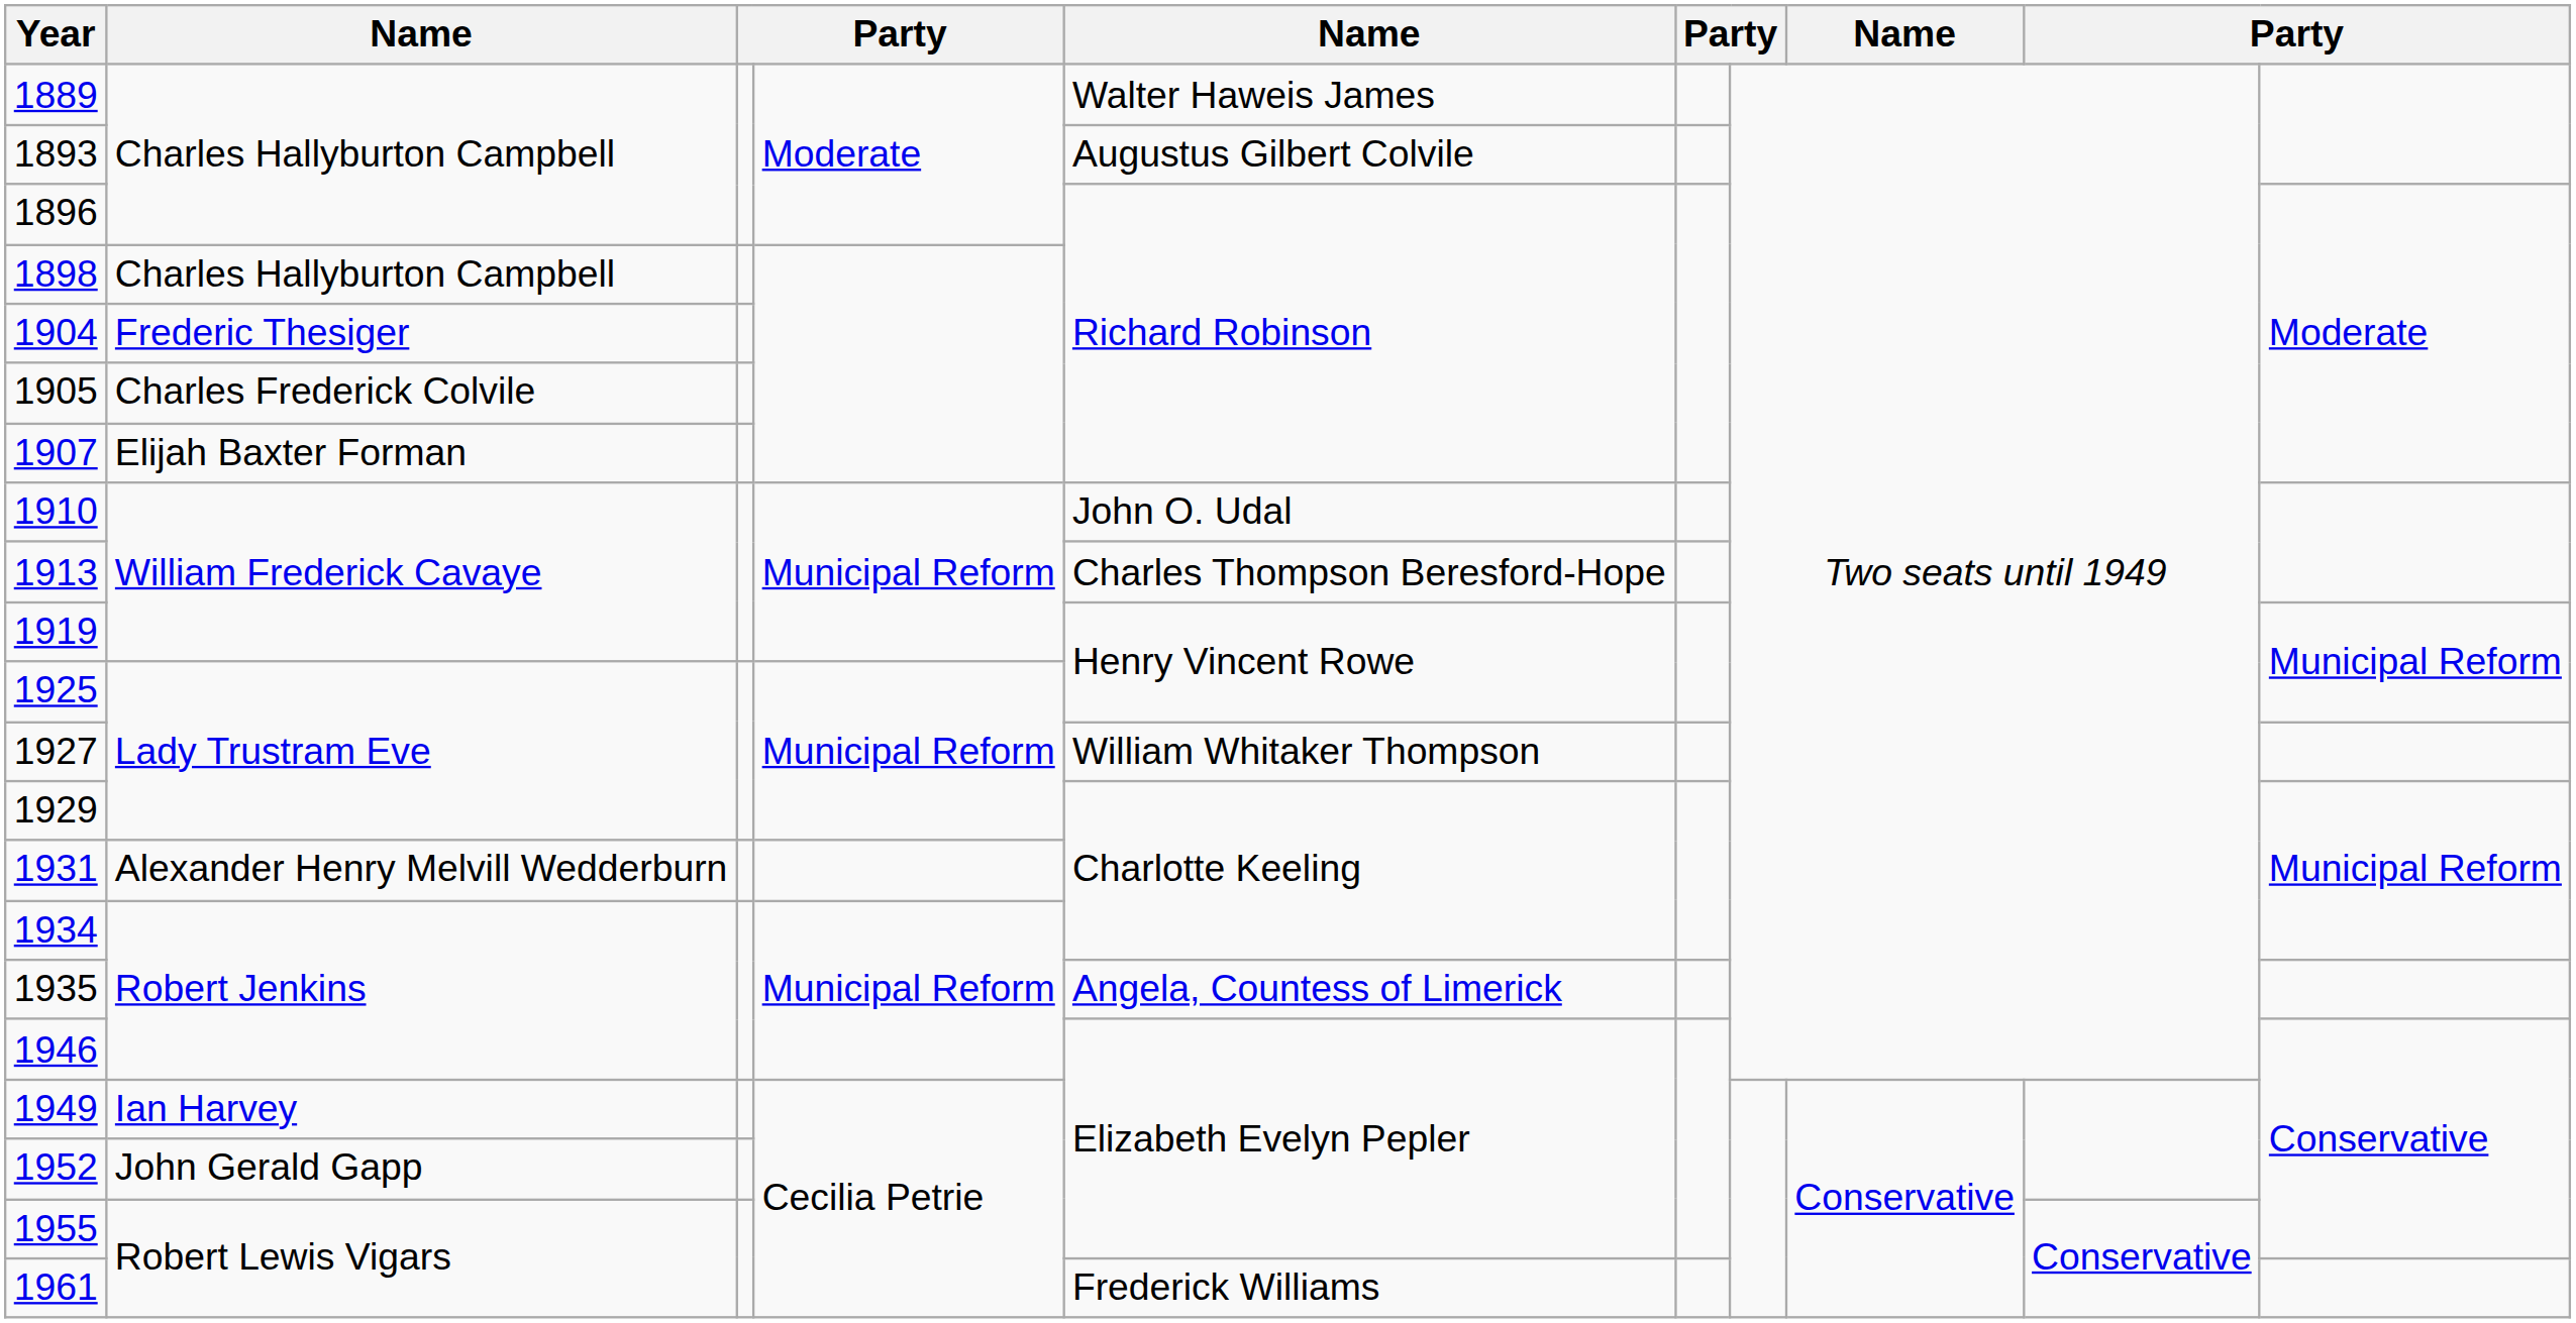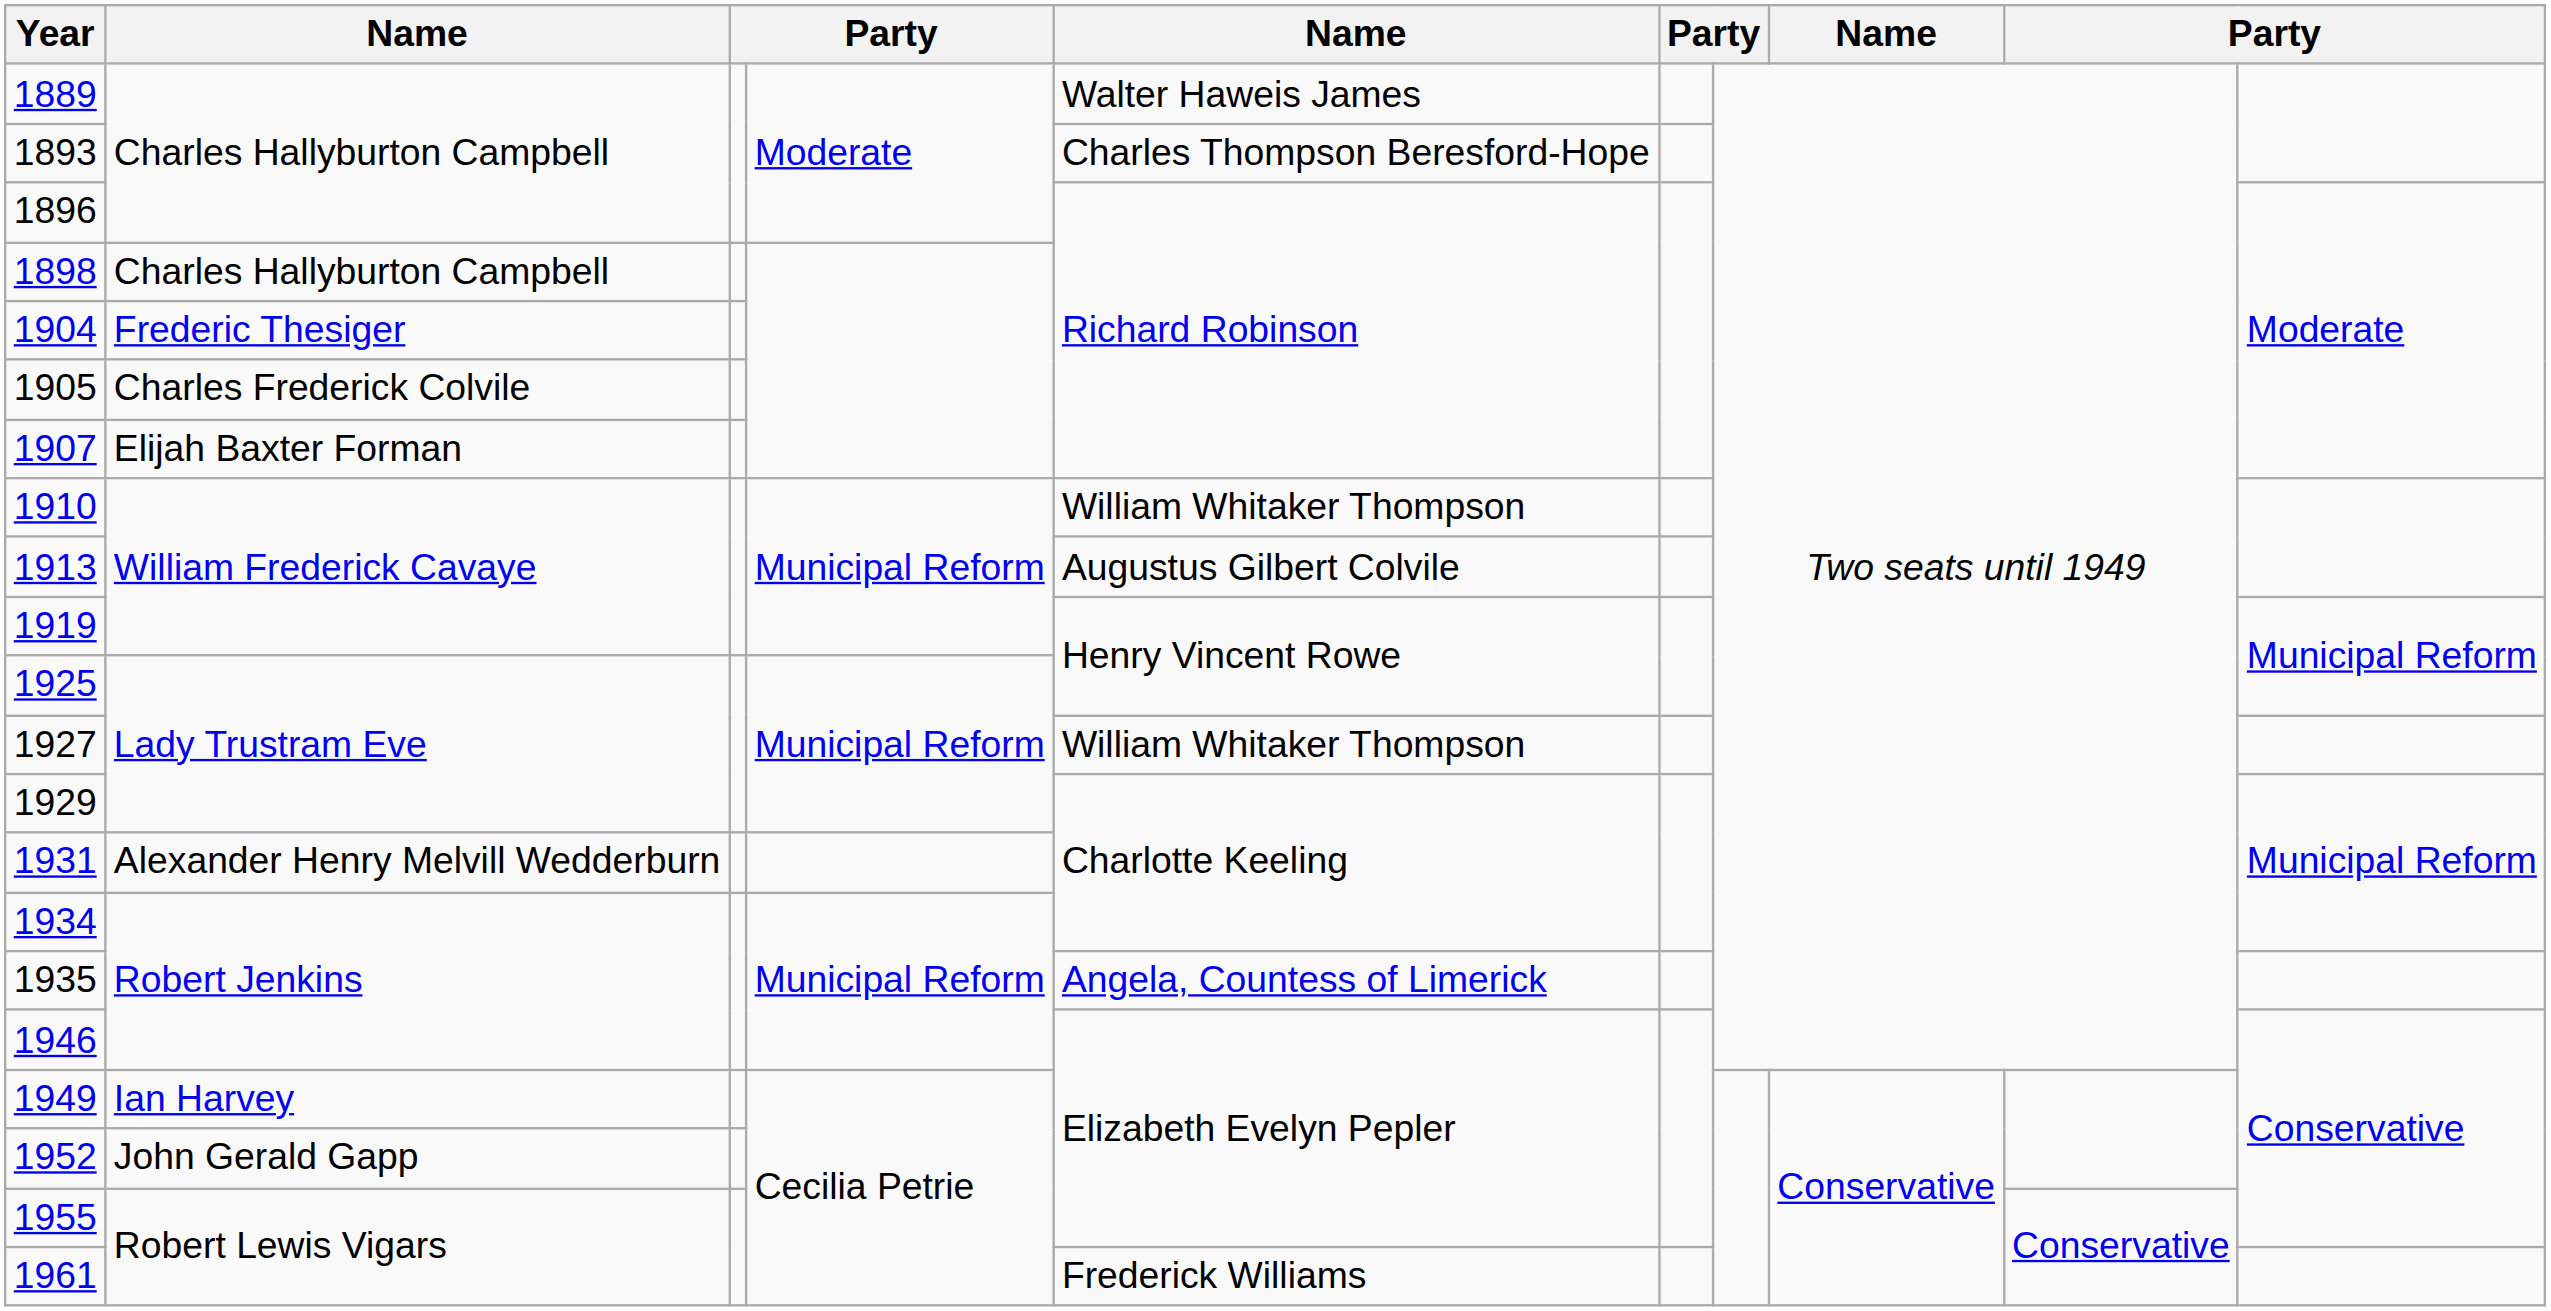 <table class="wikitable">
 <tr>
 <th>Year</th>
 <th>Name</th>
 <th colspan=2>Party</th>
 <th>Name</th>
 <th colspan=2>Party</th>
 <th>Name</th>
 <th colspan=2>Party</th>
 </tr>
 <tr>
 <td><a href='#'>1889</a></td>
 <td rowspan=3>Charles Hallyburton Campbell</td>
 <td rowspan=3 style="background-color: "></td>
 <td rowspan=3><a href='#'>Moderate</a></td>
 <td>Walter Haweis James</td>
 <td></td>
 <td rowspan=17 colspan=3 align="center"><em>Two seats until 1949</em></td>
 </tr>
 <tr>
 <td>1893</td>
-<td>Augustus Gilbert Colvile</td>
+<td>Charles Thompson Beresford-Hope</td>
 <td></td>
 </tr>
 <tr>
 <td>1896</td>
 <td rowspan=5><a href='#'>Richard Robinson</a></td>
 <td rowspan=5 style="background-color: "></td>
 <td rowspan=5><a href='#'>Moderate</a></td>
 </tr>
 <tr>
 <td><a href='#'>1898</a></td>
 <td>Charles Hallyburton Campbell</td>
 <td></td>
 </tr>
 <tr>
 <td><a href='#'>1904</a></td>
 <td><a href='#'>Frederic Thesiger</a></td>
 <td></td>
 </tr>
 <tr>
 <td>1905</td>
 <td>Charles Frederick Colvile</td>
 <td></td>
 </tr>
 <tr>
 <td><a href='#'>1907</a></td>
 <td>Elijah Baxter Forman</td>
 <td></td>
 </tr>
 <tr>
 <td><a href='#'>1910</a></td>
 <td rowspan=3><a href='#'>William Frederick Cavaye</a></td>
 <td rowspan=3 style="background-color: "></td>
 <td rowspan=3><a href='#'>Municipal Reform</a></td>
-<td>John O. Udal</td>
+<td>William Whitaker Thompson</td>
 <td></td>
 </tr>
 <tr>
 <td><a href='#'>1913</a></td>
-<td>Charles Thompson Beresford-Hope</td>
+<td>Augustus Gilbert Colvile</td>
 <td></td>
 </tr>
 <tr>
 <td><a href='#'>1919</a></td>
 <td rowspan=2>Henry Vincent Rowe</td>
 <td rowspan=2 style="background-color: "></td>
 <td rowspan=2><a href='#'>Municipal Reform</a></td>
 </tr>
 <tr>
 <td><a href='#'>1925</a></td>
 <td rowspan=3><a href='#'>Lady Trustram Eve</a></td>
 <td rowspan=3 style="background-color: "></td>
 <td rowspan=3><a href='#'>Municipal Reform</a></td>
 </tr>
 <tr>
 <td>1927</td>
 <td>William Whitaker Thompson</td>
 <td></td>
 </tr>
 <tr>
 <td>1929</td>
 <td rowspan=3>Charlotte Keeling</td>
 <td rowspan=3 style="background-color: "></td>
 <td rowspan=3><a href='#'>Municipal Reform</a></td>
 </tr>
 <tr>
 <td><a href='#'>1931</a></td>
 <td>Alexander Henry Melvill Wedderburn</td>
 <td></td>
 </tr>
 <tr>
 <td><a href='#'>1934</a></td>
 <td rowspan=3><a href='#'>Robert Jenkins</a></td>
 <td rowspan=3 style="background-color: "></td>
 <td rowspan=3><a href='#'>Municipal Reform</a></td>
 </tr>
 <tr>
 <td>1935</td>
 <td><a href='#'>Angela, Countess of Limerick</a></td>
 <td></td>
 </tr>
 <tr>
 <td><a href='#'>1946</a></td>
 <td rowspan=4>Elizabeth Evelyn Pepler</td>
 <td rowspan=4 style="background-color: "></td>
 <td rowspan=4><a href='#'>Conservative</a></td>
 </tr>
 <tr>
 <td><a href='#'>1949</a></td>
 <td><a href='#'>Ian Harvey</a></td>
 <td></td>
 <td rowspan=4>Cecilia Petrie</td>
 <td rowspan=4 style="background-color: "></td>
 <td rowspan=4><a href='#'>Conservative</a></td>
 </tr>
 <tr>
 <td><a href='#'>1952</a></td>
 <td>John Gerald Gapp</td>
 <td></td>
 </tr>
 <tr>
 <td><a href='#'>1955</a></td>
 <td rowspan=2>Robert Lewis Vigars</td>
 <td rowspan=2 style="background-color: "></td>
 <td rowspan=2><a href='#'>Conservative</a></td>
 </tr>
 <tr>
 <td><a href='#'>1961</a></td>
 <td>Frederick Williams</td>
 <td></td>
 </tr>
 </table>
